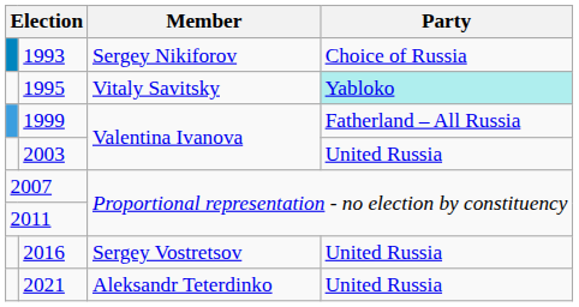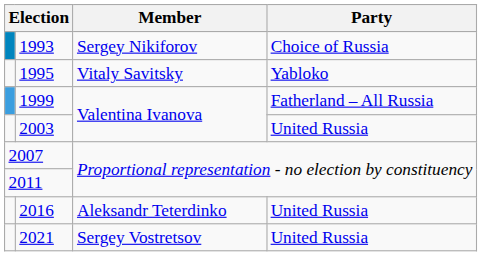 <table class="wikitable">
 <tr>
 <th colspan="2">Election</th>
 <th>Member</th>
 <th>Party</th>
 </tr>
 <tr>
 <td style="background-color:#0085BE"></td>
 <td><a href='#'>1993</a></td>
 <td><a href='#'>Sergey Nikiforov</a></td>
 <td><a href='#'>Choice of Russia</a></td>
 </tr>
 <tr>
 <td style="background-color:"></td>
 <td><a href='#'>1995</a></td>
 <td><a href='#'>Vitaly Savitsky</a></td>
-<td style="background: paleturquoise;"><a href='#'>Yabloko</a></td>
+<td><a href='#'>Yabloko</a></td>
 </tr>
 <tr>
 <td style="background-color:#3B9EDF"></td>
 <td><a href='#'>1999</a></td>
 <td rowspan=2><a href='#'>Valentina Ivanova</a></td>
 <td><a href='#'>Fatherland – All Russia</a></td>
 </tr>
 <tr>
 <td style="background-color:"></td>
 <td><a href='#'>2003</a></td>
 <td><a href='#'>United Russia</a></td>
 </tr>
 <tr>
 <td colspan=2><a href='#'>2007</a></td>
 <td colspan=2 rowspan=2><em><a href='#'>Proportional representation</a> - no election by constituency</em></td>
 </tr>
 <tr>
 <td colspan=2><a href='#'>2011</a></td>
 </tr>
 <tr>
 <td style="background-color: "></td>
 <td><a href='#'>2016</a></td>
-<td><a href='#'>Sergey Vostretsov</a></td>
+<td><a href='#'>Aleksandr Teterdinko</a></td>
 <td><a href='#'>United Russia</a></td>
 </tr>
 <tr>
 <td style="background-color: "></td>
 <td><a href='#'>2021</a></td>
-<td><a href='#'>Aleksandr Teterdinko</a></td>
+<td><a href='#'>Sergey Vostretsov</a></td>
 <td><a href='#'>United Russia</a></td>
 </tr>
 </table>
